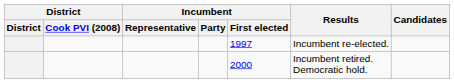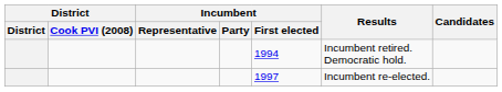 <table class="wikitable sortable">
 <tr>
 <th colspan=2>District</th>
 <th colspan=3>Incumbent</th>
 <th rowspan=2>Results</th>
 <th rowspan=2>Candidates</th>
 </tr>
 <tr valign=bottom>
 <th>District</th>
 <th><a href='#'>Cook PVI</a> (2008)</th>
 <th>Representative</th>
 <th>Party</th>
 <th>First elected</th>
 </tr>
 <tr>
 <th></th>
 <td></td>
 <td></td>
 <td></td>
-<td><a href='#'>1997</a></td>
-<td>Incumbent re-elected.</td>
+<td><a href='#'>1994</a></td>
+<td>Incumbent retired.<br>Democratic hold.</td>
 <td nowrap></td>
 </tr>
 <tr>
 <th></th>
 <td></td>
 <td></td>
 <td></td>
-<td><a href='#'>2000</a></td>
-<td>Incumbent retired.<br>Democratic hold.</td>
+<td><a href='#'>1997</a></td>
+<td>Incumbent re-elected.</td>
 <td nowrap></td>
 </tr>
 </table>
